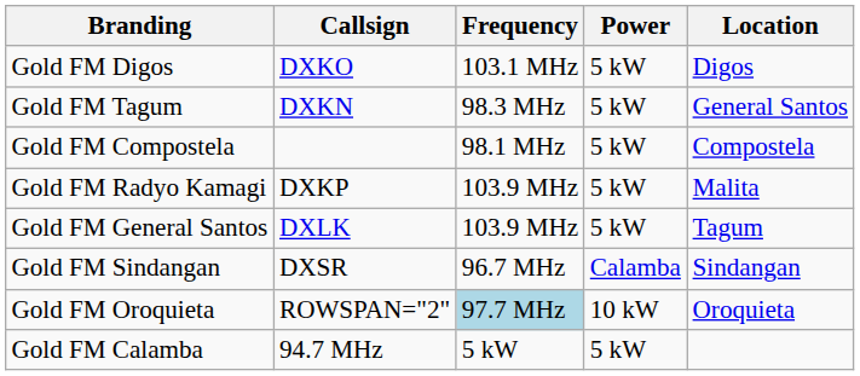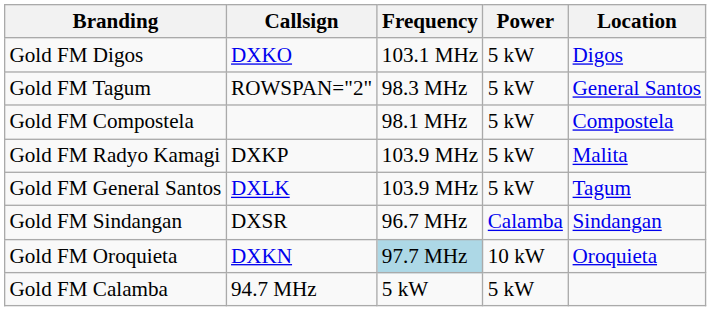 <table class="wikitable">
 <tr>
 <th>Branding</th>
 <th>Callsign</th>
 <th>Frequency</th>
 <th>Power</th>
 <th>Location</th>
 </tr>
 <tr>
 <td>Gold FM Digos</td>
 <td><a href='#'>DXKO</a></td>
 <td>103.1 MHz</td>
 <td>5 kW</td>
 <td><a href='#'>Digos</a></td>
 </tr>
 <tr>
 <td>Gold FM Tagum</td>
-<td><a href='#'>DXKN</a></td>
+<td>ROWSPAN="2" </td>
 <td>98.3 MHz</td>
 <td>5 kW</td>
 <td><a href='#'>General Santos</a></td>
 </tr>
 <tr>
 <td>Gold FM Compostela</td>
 <td></td>
 <td>98.1 MHz</td>
 <td>5 kW</td>
 <td><a href='#'>Compostela</a></td>
 </tr>
 <tr>
 <td>Gold FM Radyo Kamagi</td>
 <td>DXKP</td>
 <td>103.9 MHz</td>
 <td>5 kW</td>
 <td><a href='#'>Malita</a></td>
 </tr>
 <tr>
 <td>Gold FM General Santos</td>
 <td><a href='#'>DXLK</a></td>
 <td>103.9 MHz</td>
 <td>5 kW</td>
 <td><a href='#'>Tagum</a></td>
 </tr>
 <tr>
 <td>Gold FM Sindangan</td>
 <td>DXSR</td>
 <td>96.7 MHz</td>
 <td><a href='#'>Calamba</a></td>
 <td><a href='#'>Sindangan</a></td>
 </tr>
 <tr>
 <td>Gold FM Oroquieta</td>
-<td>ROWSPAN="2" </td>
+<td><a href='#'>DXKN</a></td>
 <td style="background: lightblue;">97.7 MHz</td>
 <td>10 kW</td>
 <td><a href='#'>Oroquieta</a></td>
 </tr>
 <tr>
 <td>Gold FM Calamba</td>
 <td>94.7 MHz</td>
 <td>5 kW</td>
 <td>5 kW</td>
 </tr>
 </table>
